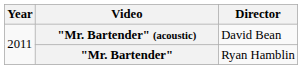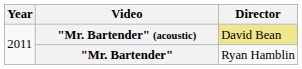 <table class="wikitable plainrowheaders">
 <tr>
 <th>Year</th>
 <th style="width:14em;">Video</th>
 <th>Director</th>
 </tr>
 <tr>
 <td rowspan="2">2011</td>
 <th scope="row">"Mr. Bartender" <small>(acoustic)</small></th>
-<td>David Bean</td>
+<td style="background: khaki;">David Bean</td>
 </tr>
 <tr>
 <th scope="row">"Mr. Bartender"</th>
 <td>Ryan Hamblin</td>
 </tr>
 </table>
